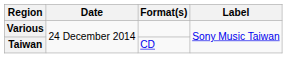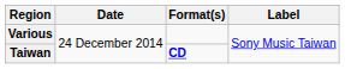 <table class="wikitable plainrowheaders">
 <tr>
 <th>Region</th>
 <th>Date</th>
 <th>Format(s)</th>
 <th>Label</th>
 </tr>
 <tr>
 <th scope="row">Various</th>
 <td rowspan="2">24 December 2014</td>
 <td></td>
 <td rowspan="2"><a href='#'>Sony Music Taiwan</a></td>
 </tr>
 <tr>
 <th scope="row">Taiwan</th>
-<td><a href='#'>CD</a></td>
+<td><strong><a href='#'>CD</a></strong></td>
 </tr>
 </table>
